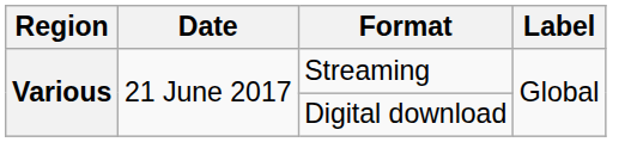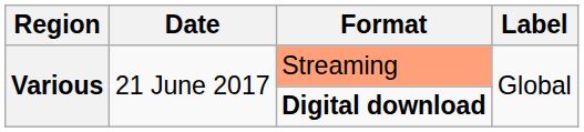 <table class="wikitable plainrowheaders">
 <tr>
 <th>Region</th>
 <th>Date</th>
 <th>Format</th>
 <th>Label</th>
 </tr>
 <tr>
 <th scope="row" rowspan="2">Various</th>
 <td rowspan="2">21 June 2017</td>
-<td>Streaming</td>
+<td style="background: lightsalmon;">Streaming</td>
 <td rowspan="2">Global</td>
 </tr>
 <tr>
-<td>Digital download</td>
+<td><strong>Digital download</strong></td>
 </tr>
 </table>
